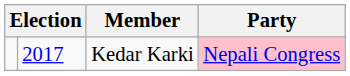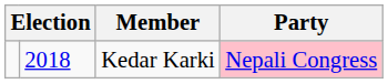 <table class="wikitable">
 <tr>
 <th colspan="2">Election</th>
 <th>Member</th>
 <th>Party</th>
 </tr>
 <tr>
 <td style="background-color:"></td>
-<td><a href='#'>2017</a></td>
+<td><a href='#'>2018</a></td>
 <td>Kedar Karki</td>
 <td style="background: pink;"><a href='#'>Nepali Congress</a></td>
 </tr>
 </table>
